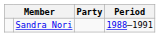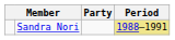 <table class="wikitable">
 <tr>
 <th colspan="2">Member</th>
 <th>Party</th>
 <th>Period</th>
 </tr>
 <tr>
 <td> </td>
 <td><a href='#'>Sandra Nori</a></td>
 <td></td>
-<td><a href='#'>1988</a>–1991</td>
+<td style="background: khaki;"><a href='#'>1988</a>–1991</td>
 </tr>
 </table>
